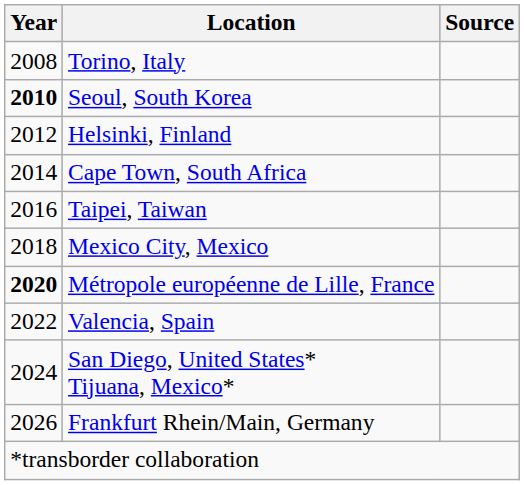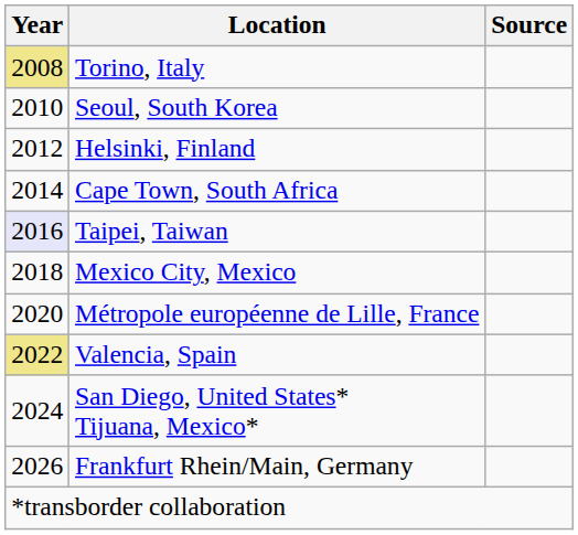 <table class="wikitable">
 <tr>
 <th>Year</th>
 <th>Location</th>
 <th>Source</th>
 </tr>
 <tr>
-<td>2008</td>
+<td style="background: khaki;">2008</td>
 <td> <a href='#'>Torino</a>, <a href='#'>Italy</a></td>
 <td></td>
 </tr>
 <tr>
-<td><strong>2010</strong></td>
+<td>2010</td>
 <td> <a href='#'>Seoul</a>, <a href='#'>South Korea</a></td>
 <td></td>
 </tr>
 <tr>
 <td>2012</td>
 <td> <a href='#'>Helsinki</a>, <a href='#'>Finland</a></td>
 <td></td>
 </tr>
 <tr>
 <td>2014</td>
 <td> <a href='#'>Cape Town</a>, <a href='#'>South Africa</a></td>
 <td></td>
 </tr>
 <tr>
-<td>2016</td>
+<td style="background: lavender;">2016</td>
 <td> <a href='#'>Taipei</a>, <a href='#'>Taiwan</a></td>
 <td></td>
 </tr>
 <tr>
 <td>2018</td>
 <td> <a href='#'>Mexico City</a>, <a href='#'>Mexico</a></td>
 <td></td>
 </tr>
 <tr>
-<td><strong>2020</strong></td>
+<td>2020</td>
 <td> <a href='#'>Métropole européenne de Lille</a>, <a href='#'>France</a></td>
 <td></td>
 </tr>
 <tr>
-<td>2022</td>
+<td style="background: khaki;">2022</td>
 <td> <a href='#'>Valencia</a>, <a href='#'>Spain</a></td>
 <td></td>
 </tr>
 <tr>
 <td>2024</td>
 <td> <a href='#'>San Diego</a>, <a href='#'>United States</a>*<br> <a href='#'>Tijuana</a>, <a href='#'>Mexico</a>*</td>
 <td></td>
 </tr>
 <tr>
 <td>2026</td>
 <td> <a href='#'>Frankfurt</a> Rhein/Main, Germany</td>
 <td></td>
 </tr>
 <tr>
 <td colspan="3">*transborder collaboration</td>
 </tr>
 </table>
